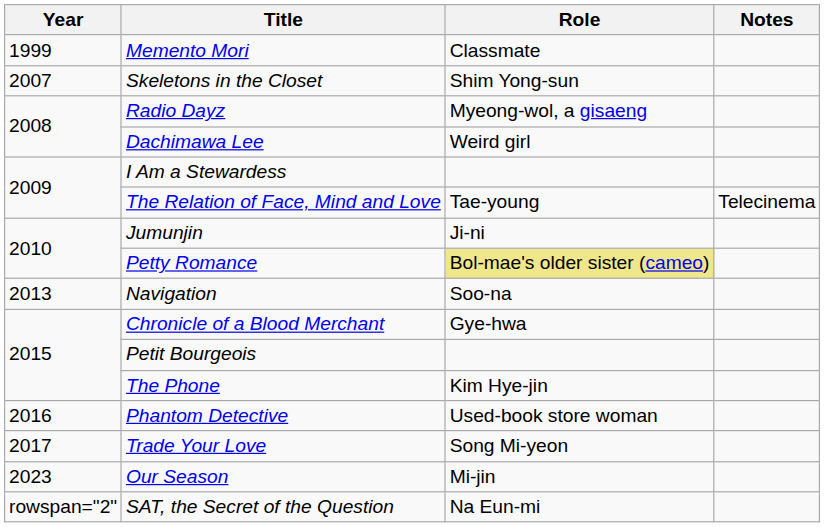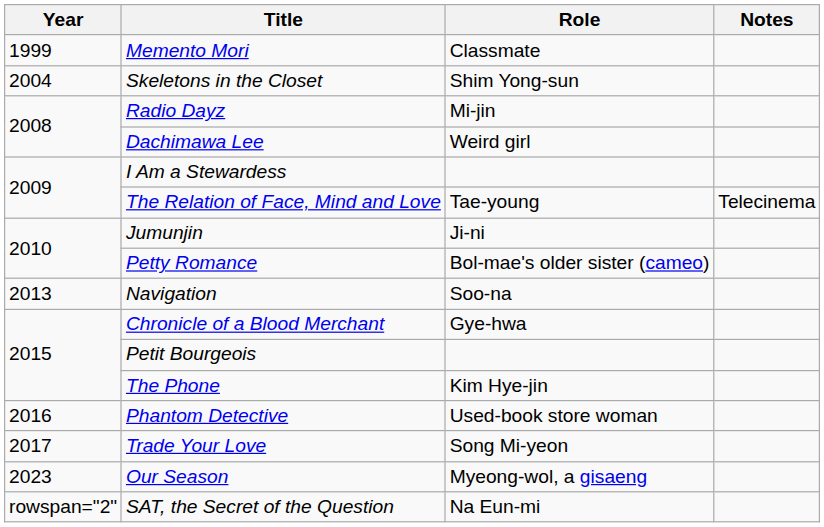 <table class="wikitable sortable">
 <tr>
 <th>Year</th>
 <th>Title</th>
 <th>Role</th>
 <th>Notes</th>
 </tr>
 <tr>
 <td>1999</td>
 <td><em><a href='#'>Memento Mori</a></em></td>
 <td>Classmate</td>
 <td></td>
 </tr>
 <tr>
-<td>2007</td>
+<td>2004</td>
 <td><em>Skeletons in the Closet</em></td>
 <td>Shim Yong-sun</td>
 <td></td>
 </tr>
 <tr>
 <td rowspan=2>2008</td>
 <td><em><a href='#'>Radio Dayz</a></em></td>
-<td>Myeong-wol, a <a href='#'>gisaeng</a></td>
+<td>Mi-jin</td>
 <td></td>
 </tr>
 <tr>
 <td><em><a href='#'>Dachimawa Lee</a></em></td>
 <td>Weird girl</td>
 <td></td>
 </tr>
 <tr>
 <td rowspan=2>2009</td>
 <td><em>I Am a Stewardess</em></td>
 <td></td>
 <td></td>
 </tr>
 <tr>
 <td><em><a href='#'>The Relation of Face, Mind and Love</a></em></td>
 <td>Tae-young</td>
 <td>Telecinema</td>
 </tr>
 <tr>
 <td rowspan=2>2010</td>
 <td><em>Jumunjin</em></td>
 <td>Ji-ni</td>
 <td></td>
 </tr>
 <tr>
 <td><em><a href='#'>Petty Romance</a></em></td>
-<td style="background: khaki;">Bol-mae's older sister (<a href='#'>cameo</a>)</td>
+<td>Bol-mae's older sister (<a href='#'>cameo</a>)</td>
 <td></td>
 </tr>
 <tr>
 <td>2013</td>
 <td><em>Navigation</em></td>
 <td>Soo-na</td>
 <td></td>
 </tr>
 <tr>
 <td rowspan=3>2015</td>
 <td><em><a href='#'>Chronicle of a Blood Merchant</a></em></td>
 <td>Gye-hwa</td>
 <td></td>
 </tr>
 <tr>
 <td><em>Petit Bourgeois</em></td>
 <td></td>
 <td></td>
 </tr>
 <tr>
 <td><em><a href='#'>The Phone</a></em></td>
 <td>Kim Hye-jin</td>
 <td></td>
 </tr>
 <tr>
 <td>2016</td>
 <td><em><a href='#'>Phantom Detective</a></em></td>
 <td>Used-book store woman</td>
 <td></td>
 </tr>
 <tr>
 <td>2017</td>
 <td><em><a href='#'>Trade Your Love</a></em></td>
 <td>Song Mi-yeon</td>
 <td></td>
 </tr>
 <tr>
 <td>2023</td>
 <td><em><a href='#'>Our Season</a></em></td>
-<td>Mi-jin</td>
+<td>Myeong-wol, a <a href='#'>gisaeng</a></td>
 <td></td>
 </tr>
 <tr>
 <td>rowspan="2" </td>
 <td><em>SAT, the Secret of the Question</em></td>
 <td>Na Eun-mi</td>
 <td></td>
 </tr>
 </table>
